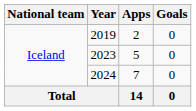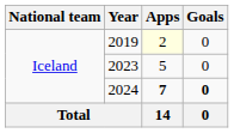 <table class="wikitable" style="text-align:center">
 <tr>
 <th>National team</th>
 <th>Year</th>
 <th>Apps</th>
 <th>Goals</th>
 </tr>
 <tr>
 <td rowspan="3"><a href='#'>Iceland</a></td>
 <td>2019</td>
-<td>2</td>
+<td style="background: lightyellow;">2</td>
 <td>0</td>
 </tr>
 <tr>
 <td>2023</td>
 <td>5</td>
 <td>0</td>
 </tr>
 <tr>
 <td>2024</td>
-<td>7</td>
-<td>0</td>
+<td><strong>7</strong></td>
+<td><strong>0</strong></td>
 </tr>
 <tr>
 <th colspan="2">Total</th>
 <th>14</th>
 <th>0</th>
 </tr>
 </table>
